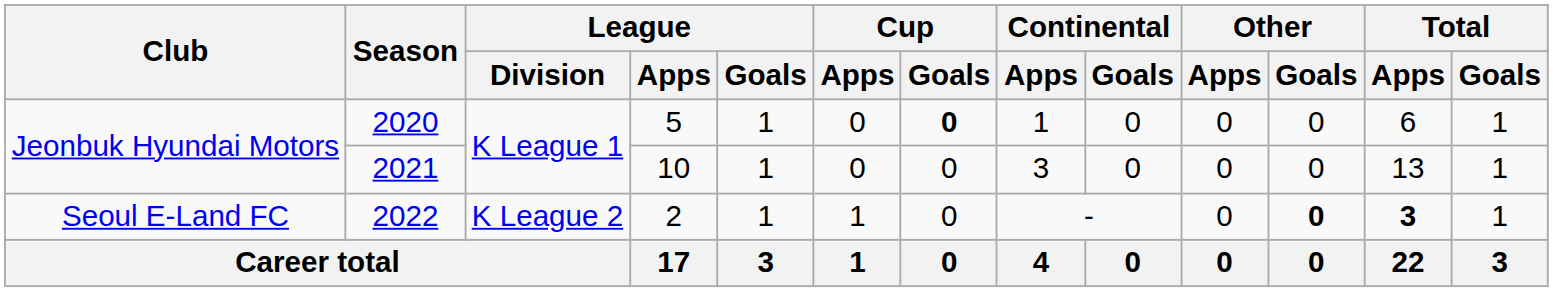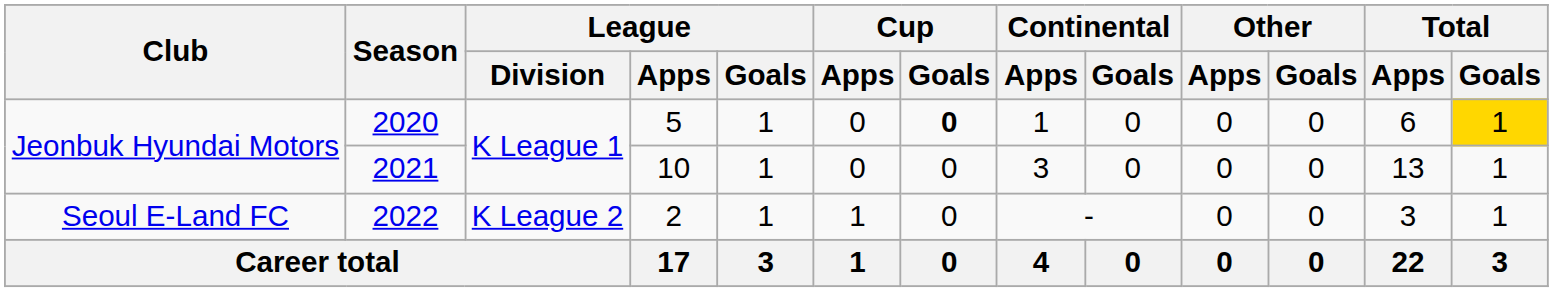 <table class="wikitable" style="text-align: center">
 <tr>
 <th rowspan="2">Club</th>
 <th rowspan="2">Season</th>
 <th colspan="3">League</th>
 <th colspan="2">Cup</th>
 <th colspan="2">Continental</th>
 <th colspan="2">Other</th>
 <th colspan="2">Total</th>
 </tr>
 <tr>
 <th>Division</th>
 <th>Apps</th>
 <th>Goals</th>
 <th>Apps</th>
 <th>Goals</th>
 <th>Apps</th>
 <th>Goals</th>
 <th>Apps</th>
 <th>Goals</th>
 <th>Apps</th>
 <th>Goals</th>
 </tr>
 <tr>
 <td rowspan="2"><a href='#'>Jeonbuk Hyundai Motors</a></td>
 <td><a href='#'>2020</a></td>
 <td rowspan="2"><a href='#'>K League 1</a></td>
 <td>5</td>
 <td>1</td>
 <td>0</td>
 <td><strong>0</strong></td>
 <td>1</td>
 <td>0</td>
 <td>0</td>
 <td>0</td>
 <td>6</td>
-<td>1</td>
+<td style="background: gold;">1</td>
 </tr>
 <tr>
 <td><a href='#'>2021</a></td>
 <td>10</td>
 <td>1</td>
 <td>0</td>
 <td>0</td>
 <td>3</td>
 <td>0</td>
 <td>0</td>
 <td>0</td>
 <td>13</td>
 <td>1</td>
 </tr>
 <tr>
 <td><a href='#'>Seoul E-Land FC</a></td>
 <td><a href='#'>2022</a></td>
 <td><a href='#'>K League 2</a></td>
 <td>2</td>
 <td>1</td>
 <td>1</td>
 <td>0</td>
 <td colspan="2">-</td>
 <td>0</td>
-<td><strong>0</strong></td>
-<td><strong>3</strong></td>
+<td>0</td>
+<td>3</td>
 <td>1</td>
 </tr>
 <tr>
 <th colspan=3>Career total</th>
 <th>17</th>
 <th>3</th>
 <th>1</th>
 <th>0</th>
 <th>4</th>
 <th>0</th>
 <th>0</th>
 <th>0</th>
 <th>22</th>
 <th>3</th>
 </tr>
 </table>
